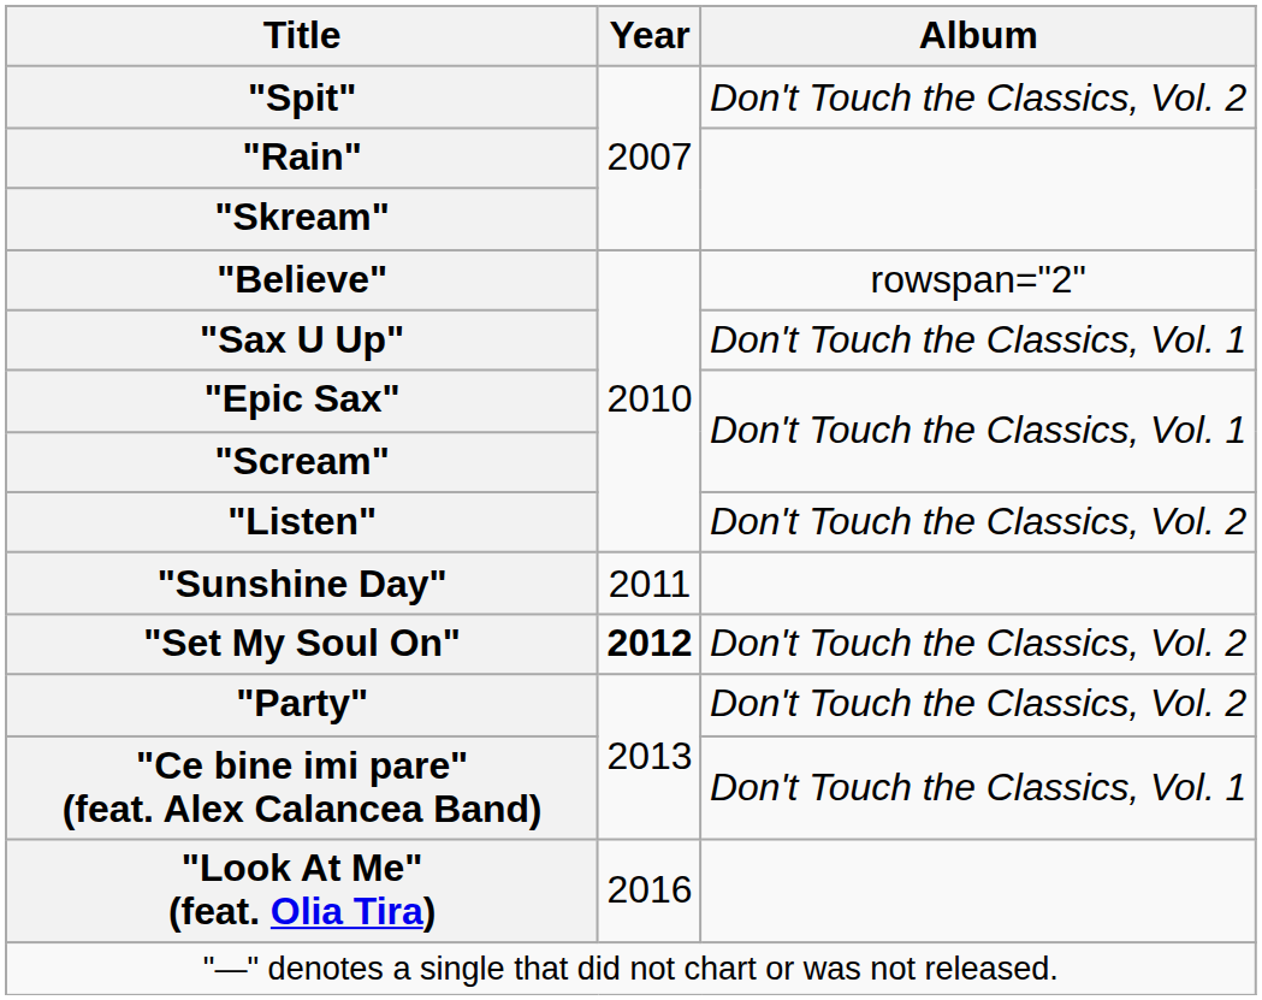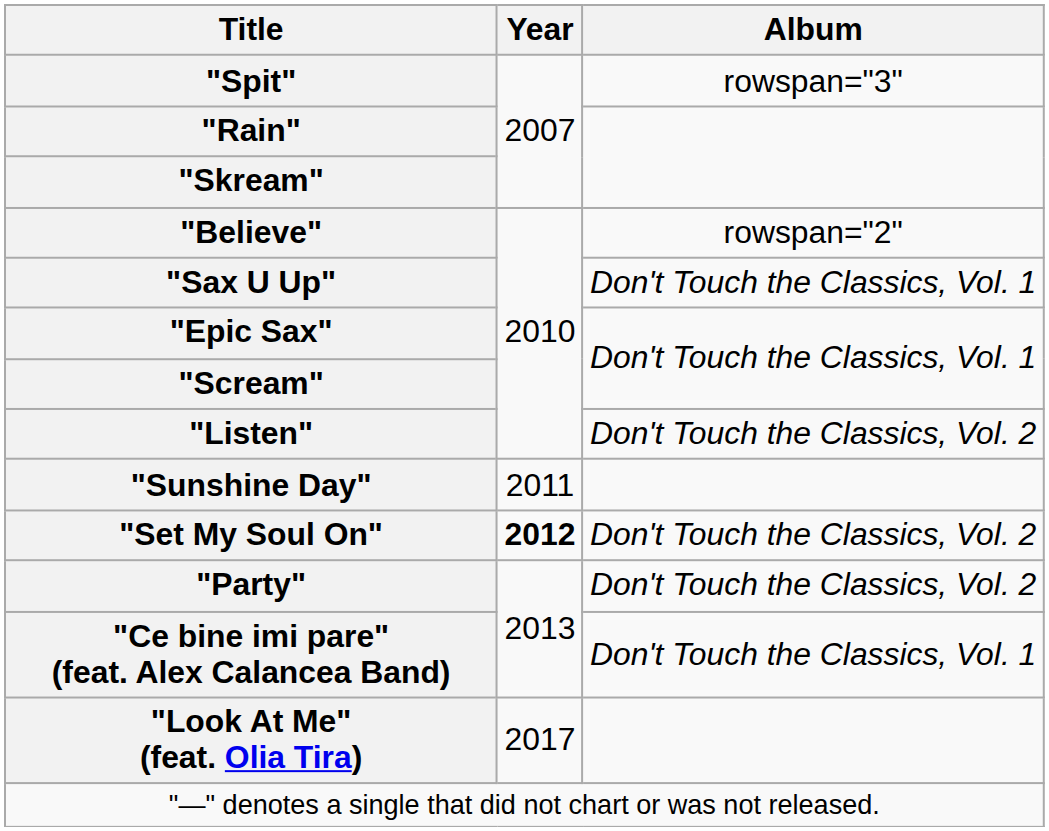 <table class="wikitable plainrowheaders" style="text-align:center;">
 <tr>
 <th scope="col" style="width:15em;">Title</th>
 <th scope="col" style="width:1em;">Year</th>
 <th scope="col">Album</th>
 </tr>
 <tr>
 <th scope="row">"Spit"</th>
 <td rowspan="3">2007</td>
-<td><em>Don't Touch the Classics, Vol. 2</em></td>
+<td>rowspan="3" </td>
 </tr>
 <tr>
 <th scope="row">"Rain"</th>
 </tr>
 <tr>
 <th scope="row">"Skream"</th>
 </tr>
 <tr>
 <th scope="row">"Believe"</th>
 <td rowspan="5">2010</td>
 <td>rowspan="2" </td>
 </tr>
 <tr>
 <th scope="row">"Sax U Up"</th>
 <td><em>Don't Touch the Classics, Vol. 1</em></td>
 </tr>
 <tr>
 <th scope="row">"Epic Sax"</th>
 <td rowspan="2"><em>Don't Touch the Classics, Vol. 1</em></td>
 </tr>
 <tr>
 <th scope="row">"Scream"</th>
 </tr>
 <tr>
 <th scope="row">"Listen"</th>
 <td><em>Don't Touch the Classics, Vol. 2</em></td>
 </tr>
 <tr>
 <th scope="row">"Sunshine Day"</th>
 <td>2011</td>
 <td></td>
 </tr>
 <tr>
 <th scope="row">"Set My Soul On"</th>
 <td><strong>2012</strong></td>
 <td><em>Don't Touch the Classics, Vol. 2</em></td>
 </tr>
 <tr>
 <th scope="row">"Party"</th>
 <td rowspan="2">2013</td>
 <td><em>Don't Touch the Classics, Vol. 2</em></td>
 </tr>
 <tr>
 <th scope="row">"Ce bine imi pare"<br><span>(feat. Alex Calancea Band)</span></th>
 <td><em>Don't Touch the Classics, Vol. 1</em></td>
 </tr>
 <tr>
 <th scope="row">"Look At Me"<br><span>(feat. <a href='#'>Olia Tira</a>)</span></th>
-<td>2016</td>
+<td>2017</td>
 </tr>
 <tr>
 <td style="text-align:center; font-size:85%;" colspan="22">"—" denotes a single that did not chart or was not released.</td>
 </tr>
 </table>
